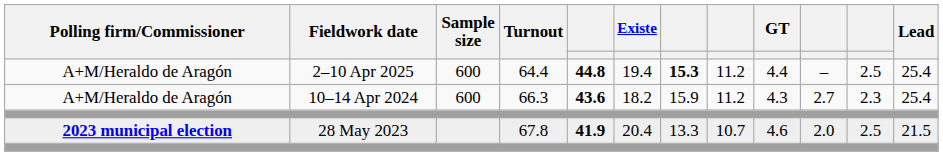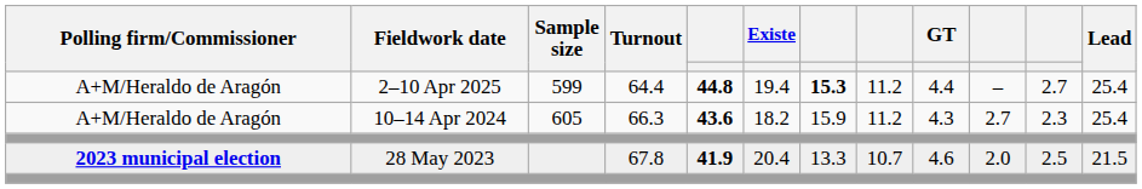 <table class="wikitable collapsible collapsed" style="text-align:center; font-size:95%; line-height:16px;">
 <tr style="height:42px;">
 <th style="width:250px;" rowspan="2">Polling firm/Commissioner</th>
 <th style="width:125px;" rowspan="2">Fieldwork date</th>
 <th style="width:50px;" rowspan="2">Sample size</th>
 <th style="width:45px;" rowspan="2">Turnout</th>
 <th style="width:35px;"></th>
 <th style="width:35px; font-size:90%;"><a href='#'>Existe</a></th>
 <th style="width:35px;"></th>
 <th style="width:35px;"></th>
 <th style="width:35px;">GT</th>
 <th style="width:35px;"></th>
 <th style="width:35px;"></th>
 <th style="width:30px;" rowspan="2">Lead</th>
 </tr>
 <tr>
 <th style="color:inherit;background:"></th>
 <th style="color:inherit;background:"></th>
 <th style="color:inherit;background:"></th>
 <th style="color:inherit;background:"></th>
 <th style="color:inherit;background:"></th>
 <th style="color:inherit;background:"></th>
 <th style="color:inherit;background:"></th>
 </tr>
 <tr>
 <td>A+M/Heraldo de Aragón</td>
 <td>2–10 Apr 2025</td>
-<td>600</td>
+<td>599</td>
 <td>64.4</td>
 <td><strong>44.8</strong><br></td>
 <td>19.4<br></td>
 <td><strong>15.3<br></strong></td>
 <td>11.2<br></td>
 <td>4.4<br></td>
 <td>–</td>
-<td>2.5<br></td>
+<td>2.7<br></td>
 <td style="background:">25.4</td>
 </tr>
 <tr>
 <td>A+M/Heraldo de Aragón</td>
 <td>10–14 Apr 2024</td>
-<td>600</td>
+<td>605</td>
 <td>66.3</td>
 <td><strong>43.6</strong><br></td>
 <td>18.2<br></td>
 <td>15.9<br></td>
 <td>11.2<br></td>
 <td>4.3<br></td>
 <td>2.7<br></td>
 <td>2.3<br></td>
 <td style="background:">25.4</td>
 </tr>
 <tr>
 <td colspan="12" style="background:#A0A0A0"></td>
 </tr>
 <tr style="background:#EFEFEF;">
 <td><strong><a href='#'>2023 municipal election</a></strong></td>
 <td>28 May 2023</td>
 <td></td>
 <td>67.8</td>
 <td><strong>41.9</strong><br></td>
 <td>20.4<br></td>
 <td>13.3<br></td>
 <td>10.7<br></td>
 <td>4.6<br></td>
 <td>2.0<br></td>
 <td>2.5<br></td>
 <td style="background:">21.5</td>
 </tr>
 <tr>
 <td colspan="12" style="background:#A0A0A0"></td>
 </tr>
 </table>
